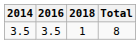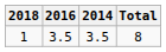 <table class="wikitable" style="text-align:center">
 <tr>
+<th>2018</th>
+<th>2016</th>
 <th>2014</th>
-<th>2016</th>
-<th>2018</th>
 <th>Total</th>
 </tr>
 <tr>
+<td>1</td>
 <td>3.5</td>
 <td>3.5</td>
-<td>1</td>
 <td>8</td>
 </tr>
 </table>
